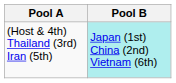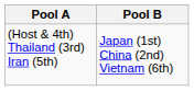 <table class="wikitable">
 <tr>
 <th width=45%>Pool A</th>
 <th width=45%>Pool B</th>
 </tr>
 <tr>
 <td> (Host & 4th)<br> <a href='#'>Thailand</a> (3rd)<br> <a href='#'>Iran</a> (5th)<br><br></td>
-<td style="background: paleturquoise;"> <a href='#'>Japan</a> (1st)<br> <a href='#'>China</a> (2nd)<br> <a href='#'>Vietnam</a> (6th)<br></td>
+<td> <a href='#'>Japan</a> (1st)<br> <a href='#'>China</a> (2nd)<br> <a href='#'>Vietnam</a> (6th)<br></td>
 </tr>
 </table>
